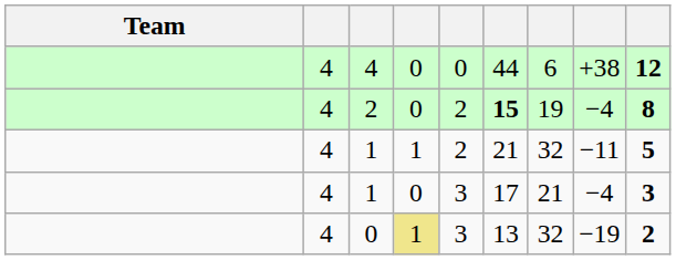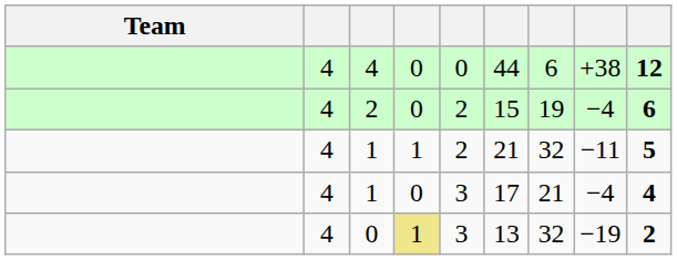 <table class="wikitable" style="text-align: center;">
 <tr>
 <th width="175">Team</th>
 <th width="20"></th>
 <th width="20"></th>
 <th width="20"></th>
 <th width="20"></th>
 <th width="20"></th>
 <th width="20"></th>
 <th width="20"></th>
 <th width="20"></th>
 </tr>
 <tr align=center bgcolor="#ccffcc">
 <td style="text-align:left;"></td>
 <td>4</td>
 <td>4</td>
 <td>0</td>
 <td>0</td>
 <td>44</td>
 <td>6</td>
 <td>+38</td>
 <td><strong>12</strong></td>
 </tr>
 <tr align=center bgcolor="#ccffcc">
 <td style="text-align:left;"></td>
 <td>4</td>
 <td>2</td>
 <td>0</td>
 <td>2</td>
-<td><strong>15</strong></td>
+<td>15</td>
 <td>19</td>
 <td>−4</td>
-<td><strong>8</strong></td>
+<td><strong>6</strong></td>
 </tr>
 <tr align=center>
 <td style="text-align:left;"></td>
 <td>4</td>
 <td>1</td>
 <td>1</td>
 <td>2</td>
 <td>21</td>
 <td>32</td>
 <td>−11</td>
 <td><strong>5</strong></td>
 </tr>
 <tr align=center>
 <td style="text-align:left;"></td>
 <td>4</td>
 <td>1</td>
 <td>0</td>
 <td>3</td>
 <td>17</td>
 <td>21</td>
 <td>−4</td>
-<td><strong>3</strong></td>
+<td><strong>4</strong></td>
 </tr>
 <tr align=center>
 <td style="text-align:left;"></td>
 <td>4</td>
 <td>0</td>
 <td style="background: khaki;">1</td>
 <td>3</td>
 <td>13</td>
 <td>32</td>
 <td>−19</td>
 <td><strong>2</strong></td>
 </tr>
 </table>
